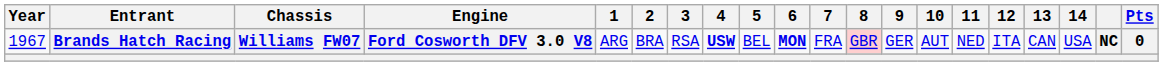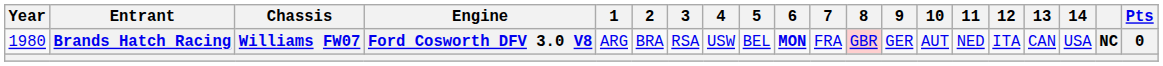 <table class="wikitable" style="text-align:center; font-size:85%">
 <tr>
 <th>Year</th>
 <th>Entrant</th>
 <th>Chassis</th>
 <th>Engine</th>
 <th>1</th>
 <th>2</th>
 <th>3</th>
 <th>4</th>
 <th>5</th>
 <th>6</th>
 <th>7</th>
 <th>8</th>
 <th>9</th>
 <th>10</th>
 <th>11</th>
 <th>12</th>
 <th>13</th>
 <th>14</th>
 <th></th>
 <th><a href='#'>Pts</a></th>
 </tr>
 <tr>
-<td><a href='#'>1967</a></td>
+<td><a href='#'>1980</a></td>
 <th nowrap><a href='#'>Brands Hatch Racing</a></th>
 <th nowrap><a href='#'>Williams</a> <a href='#'>FW07</a></th>
 <th nowrap><a href='#'>Ford Cosworth DFV</a> 3.0 <a href='#'>V8</a></th>
 <td><a href='#'>ARG</a></td>
 <td><a href='#'>BRA</a></td>
 <td><a href='#'>RSA</a></td>
-<td><strong><a href='#'>USW</a></strong></td>
+<td><a href='#'>USW</a></td>
 <td><a href='#'>BEL</a></td>
 <td><strong><a href='#'>MON</a></strong></td>
 <td><a href='#'>FRA</a></td>
 <td style="background:#FFCFCF;"><a href='#'>GBR</a><br></td>
 <td><a href='#'>GER</a></td>
 <td><a href='#'>AUT</a></td>
 <td><a href='#'>NED</a></td>
 <td><a href='#'>ITA</a></td>
 <td><a href='#'>CAN</a></td>
 <td><a href='#'>USA</a></td>
 <th>NC</th>
 <th>0</th>
 </tr>
 <tr>
 <th colspan="20"></th>
 </tr>
 </table>
